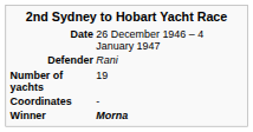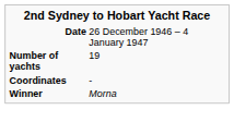 <table class="infobox" style="width: 23em; font-size: 90%">
 <tr>
 <th colspan="2" style="text-align: center; font-size: larger;"><strong>2nd Sydney to Hobart Yacht Race</strong></th>
 </tr>
 <tr>
 <td style="text-align: right;"><strong>Date</strong></td>
 <td>26 December 1946 – 4 January 1947</td>
-</tr>
-<tr>
-<td style="text-align: right;"><strong>Defender</strong></td>
-<td><em>Rani</em></td>
 </tr>
 <tr>
 <td><strong>Number of yachts</strong></td>
 <td>19</td>
 </tr>
 <tr>
 <td><strong>Coordinates</strong></td>
 <td>-<br></td>
 </tr>
 <tr>
 <td><strong>Winner</strong></td>
-<td><strong><em>Morna</em></strong></td>
+<td><em>Morna</em></td>
 </tr>
 </table>
